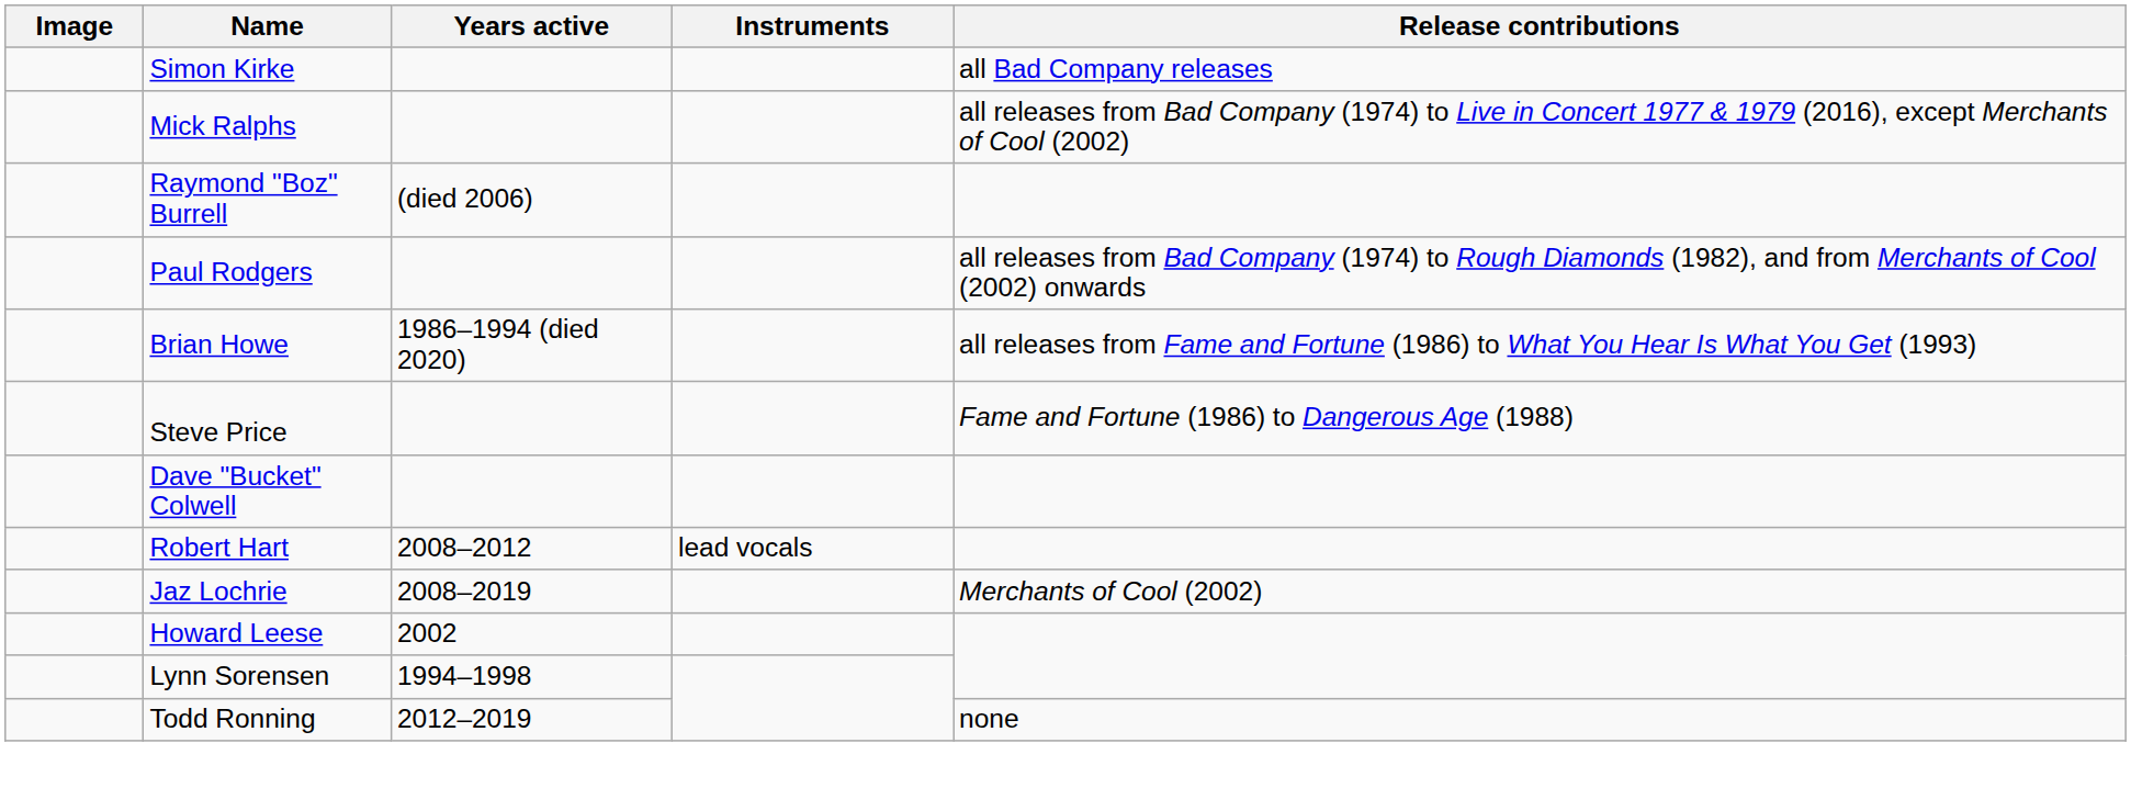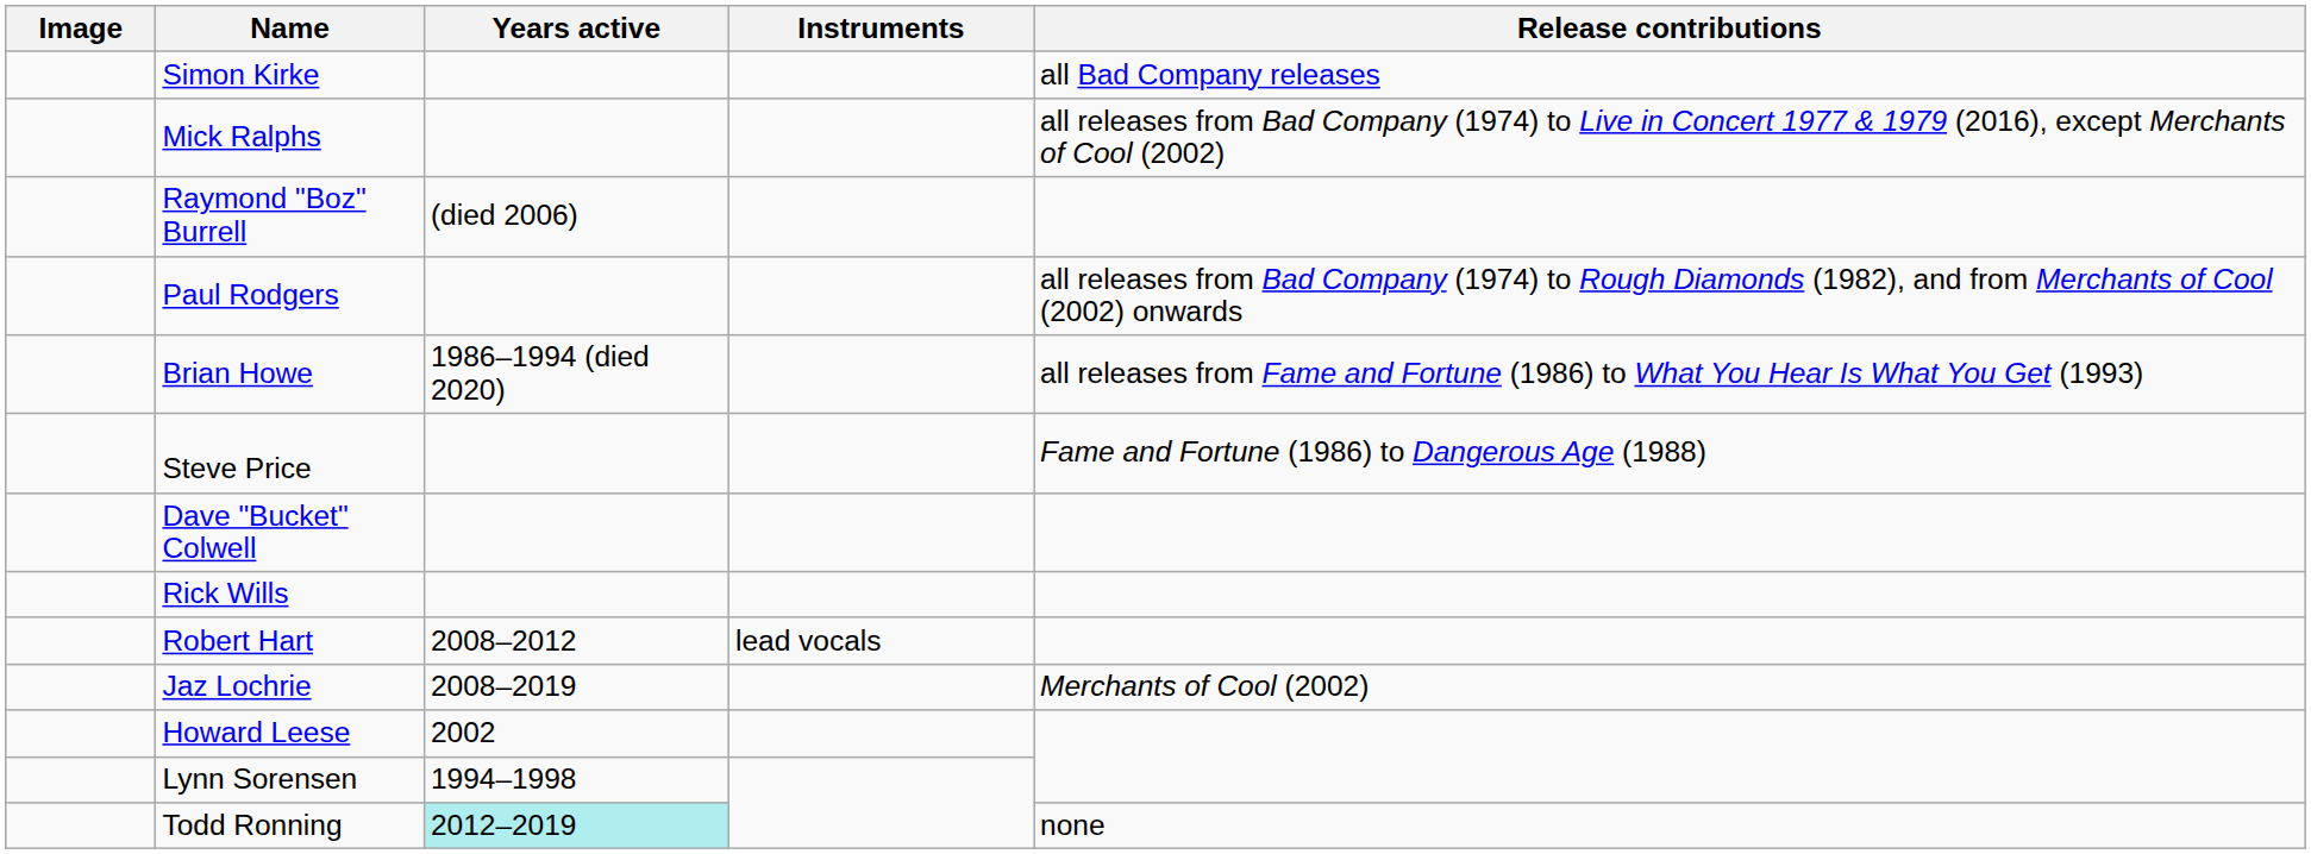 <table class="wikitable" border="1" width=100%>
 <tr>
 <th width="75">Image</th>
 <th width="140">Name</th>
 <th width="160">Years active</th>
 <th width="160">Instruments</th>
 <th>Release contributions</th>
 </tr>
 <tr>
 <td></td>
 <td><a href='#'>Simon Kirke</a></td>
 <td></td>
 <td></td>
 <td>all <a href='#'>Bad Company releases</a></td>
 </tr>
 <tr>
 <td></td>
 <td><a href='#'>Mick Ralphs</a></td>
 <td></td>
 <td></td>
 <td>all releases from <em>Bad Company</em> (1974) to <em><a href='#'>Live in Concert 1977 & 1979</a></em> (2016), except <em>Merchants of Cool</em> (2002)</td>
 </tr>
 <tr>
 <td></td>
 <td><a href='#'>Raymond "Boz" Burrell</a></td>
 <td> (died 2006)</td>
 <td></td>
 <td></td>
 </tr>
 <tr>
 <td></td>
 <td><a href='#'>Paul Rodgers</a></td>
 <td></td>
 <td></td>
 <td>all releases from <em><a href='#'>Bad Company</a></em> (1974) to <em><a href='#'>Rough Diamonds</a></em> (1982), and from <em><a href='#'>Merchants of Cool</a></em> (2002) onwards</td>
 </tr>
 <tr>
 <td></td>
 <td><a href='#'>Brian Howe</a></td>
 <td>1986–1994 (died 2020)</td>
 <td></td>
 <td>all releases from <em><a href='#'>Fame and Fortune</a></em> (1986) to <em><a href='#'>What You Hear Is What You Get</a></em> (1993)</td>
 </tr>
 <tr>
 <td></td>
 <td (Bass Guitar)><br>Steve Price </td>
 <td></td>
 <td></td>
 <td><em>Fame and Fortune</em> (1986) to <em><a href='#'>Dangerous Age</a></em> (1988)</td>
 </tr>
 <tr>
 <td></td>
 <td><a href='#'>Dave "Bucket" Colwell</a></td>
 <td></td>
 <td></td>
 <td></td>
 </tr>
 <tr>
 <td></td>
+<td><a href='#'>Rick Wills</a></td>
+<td></td>
+<td></td>
+<td></td>
+</tr>
+<tr>
+<td></td>
 <td><a href='#'>Robert Hart</a></td>
 <td>2008–2012</td>
 <td>lead vocals</td>
 <td></td>
 </tr>
 <tr>
 <td></td>
 <td><a href='#'>Jaz Lochrie</a></td>
 <td>2008–2019</td>
 <td></td>
 <td><em>Merchants of Cool</em> (2002)</td>
 </tr>
 <tr>
 <td></td>
 <td><a href='#'>Howard Leese</a></td>
 <td>2002</td>
 <td></td>
 <td rowspan="2"></td>
 </tr>
 <tr>
 <td></td>
 <td>Lynn Sorensen</td>
 <td>1994–1998</td>
 <td rowspan="2"></td>
 </tr>
 <tr>
 <td></td>
 <td>Todd Ronning</td>
-<td>2012–2019</td>
+<td style="background: paleturquoise;">2012–2019</td>
 <td>none</td>
 </tr>
 </table>
